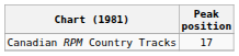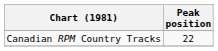 <table class="wikitable sortable">
 <tr>
 <th align="left">Chart (1981)</th>
 <th align="center">Peak<br>position</th>
 </tr>
 <tr>
 </tr>
 <tr>
 <td align="left">Canadian <em>RPM</em> Country Tracks</td>
-<td align="center">17</td>
+<td align="center">22</td>
 </tr>
 <tr>
 </tr>
 </table>
